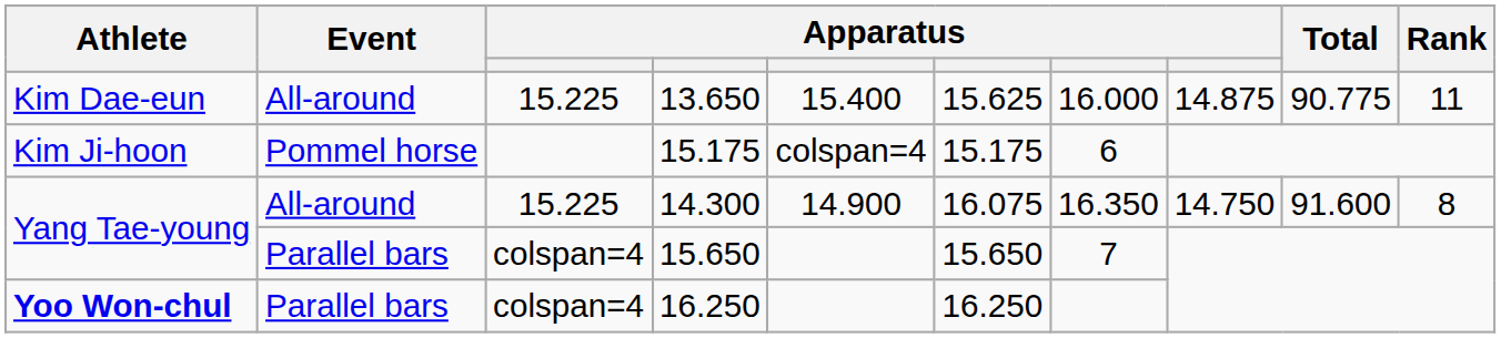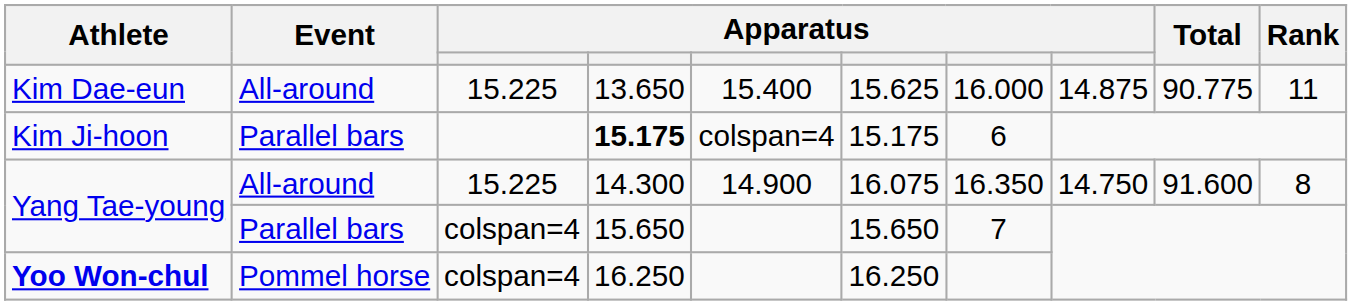 <table class="wikitable" style="font-size:90%">
 <tr>
 <th rowspan=2>Athlete</th>
 <th rowspan=2>Event</th>
 <th colspan =6>Apparatus</th>
 <th rowspan=2>Total</th>
 <th rowspan=2>Rank</th>
 </tr>
 <tr style="font-size:95%">
 <th></th>
 <th></th>
 <th></th>
 <th></th>
 <th></th>
 <th></th>
 </tr>
 <tr align=center>
 <td align=left><a href='#'>Kim Dae-eun</a></td>
 <td align=left><a href='#'>All-around</a></td>
 <td>15.225</td>
 <td>13.650</td>
 <td>15.400</td>
 <td>15.625</td>
 <td>16.000</td>
 <td>14.875</td>
 <td>90.775</td>
 <td>11</td>
 </tr>
 <tr align=center>
 <td align=left><a href='#'>Kim Ji-hoon</a></td>
-<td align=left><a href='#'>Pommel horse</a></td>
+<td align=left><a href='#'>Parallel bars</a></td>
 <td></td>
-<td>15.175</td>
+<td><strong>15.175</strong></td>
 <td>colspan=4 </td>
 <td>15.175</td>
 <td>6</td>
 </tr>
 <tr align=center>
 <td align=left rowspan=2><a href='#'>Yang Tae-young</a></td>
 <td align=left><a href='#'>All-around</a></td>
 <td>15.225</td>
 <td>14.300</td>
 <td>14.900</td>
 <td>16.075</td>
 <td>16.350</td>
 <td>14.750</td>
 <td>91.600</td>
 <td>8</td>
 </tr>
 <tr align=center>
 <td align=left><a href='#'>Parallel bars</a></td>
 <td>colspan=4 </td>
 <td>15.650</td>
 <td></td>
 <td>15.650</td>
 <td>7</td>
 </tr>
 <tr align=center>
 <td align=left><strong><a href='#'>Yoo Won-chul</a></strong></td>
-<td align=left><a href='#'>Parallel bars</a></td>
+<td align=left><a href='#'>Pommel horse</a></td>
 <td>colspan=4 </td>
 <td>16.250</td>
 <td></td>
 <td>16.250</td>
 <td></td>
 </tr>
 </table>
